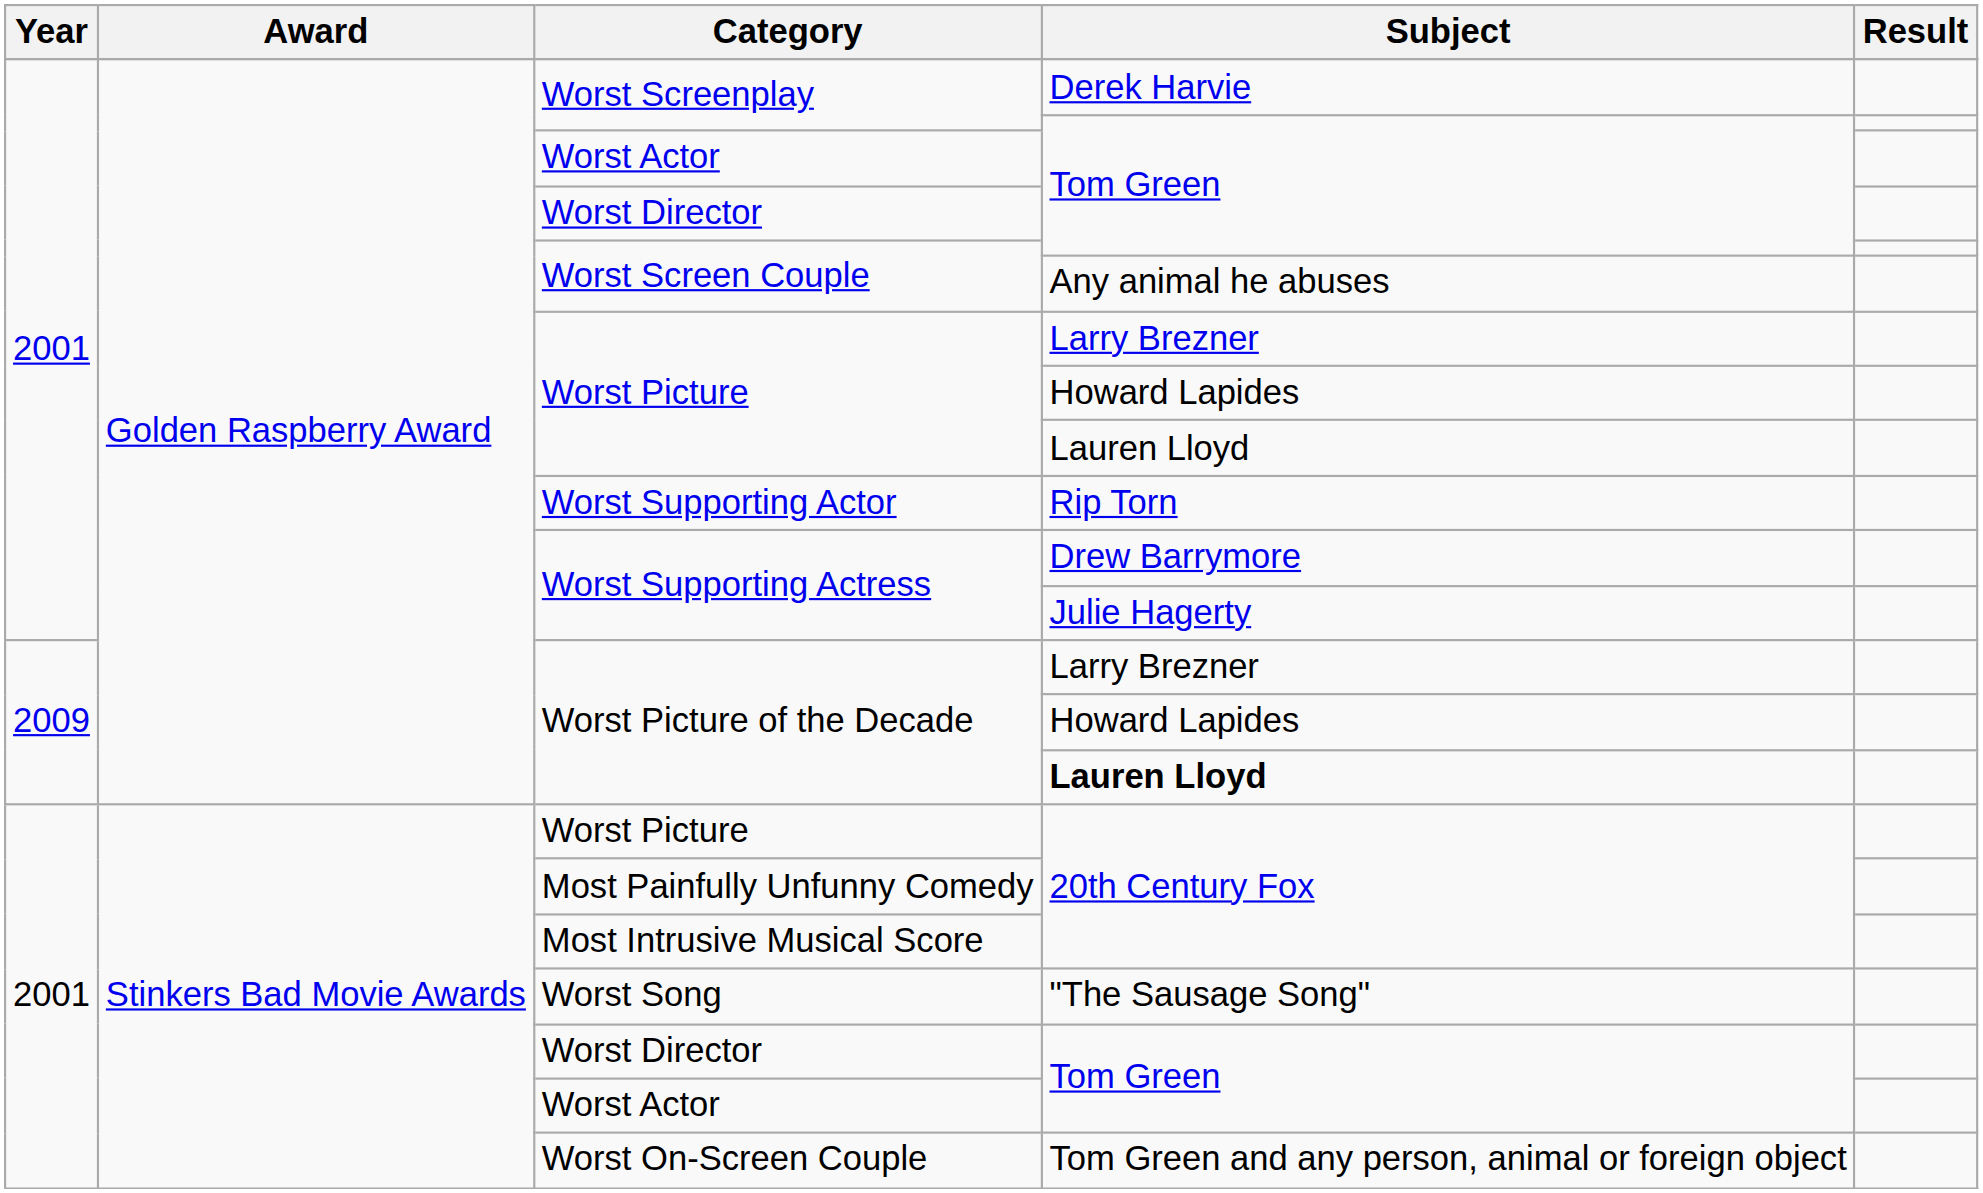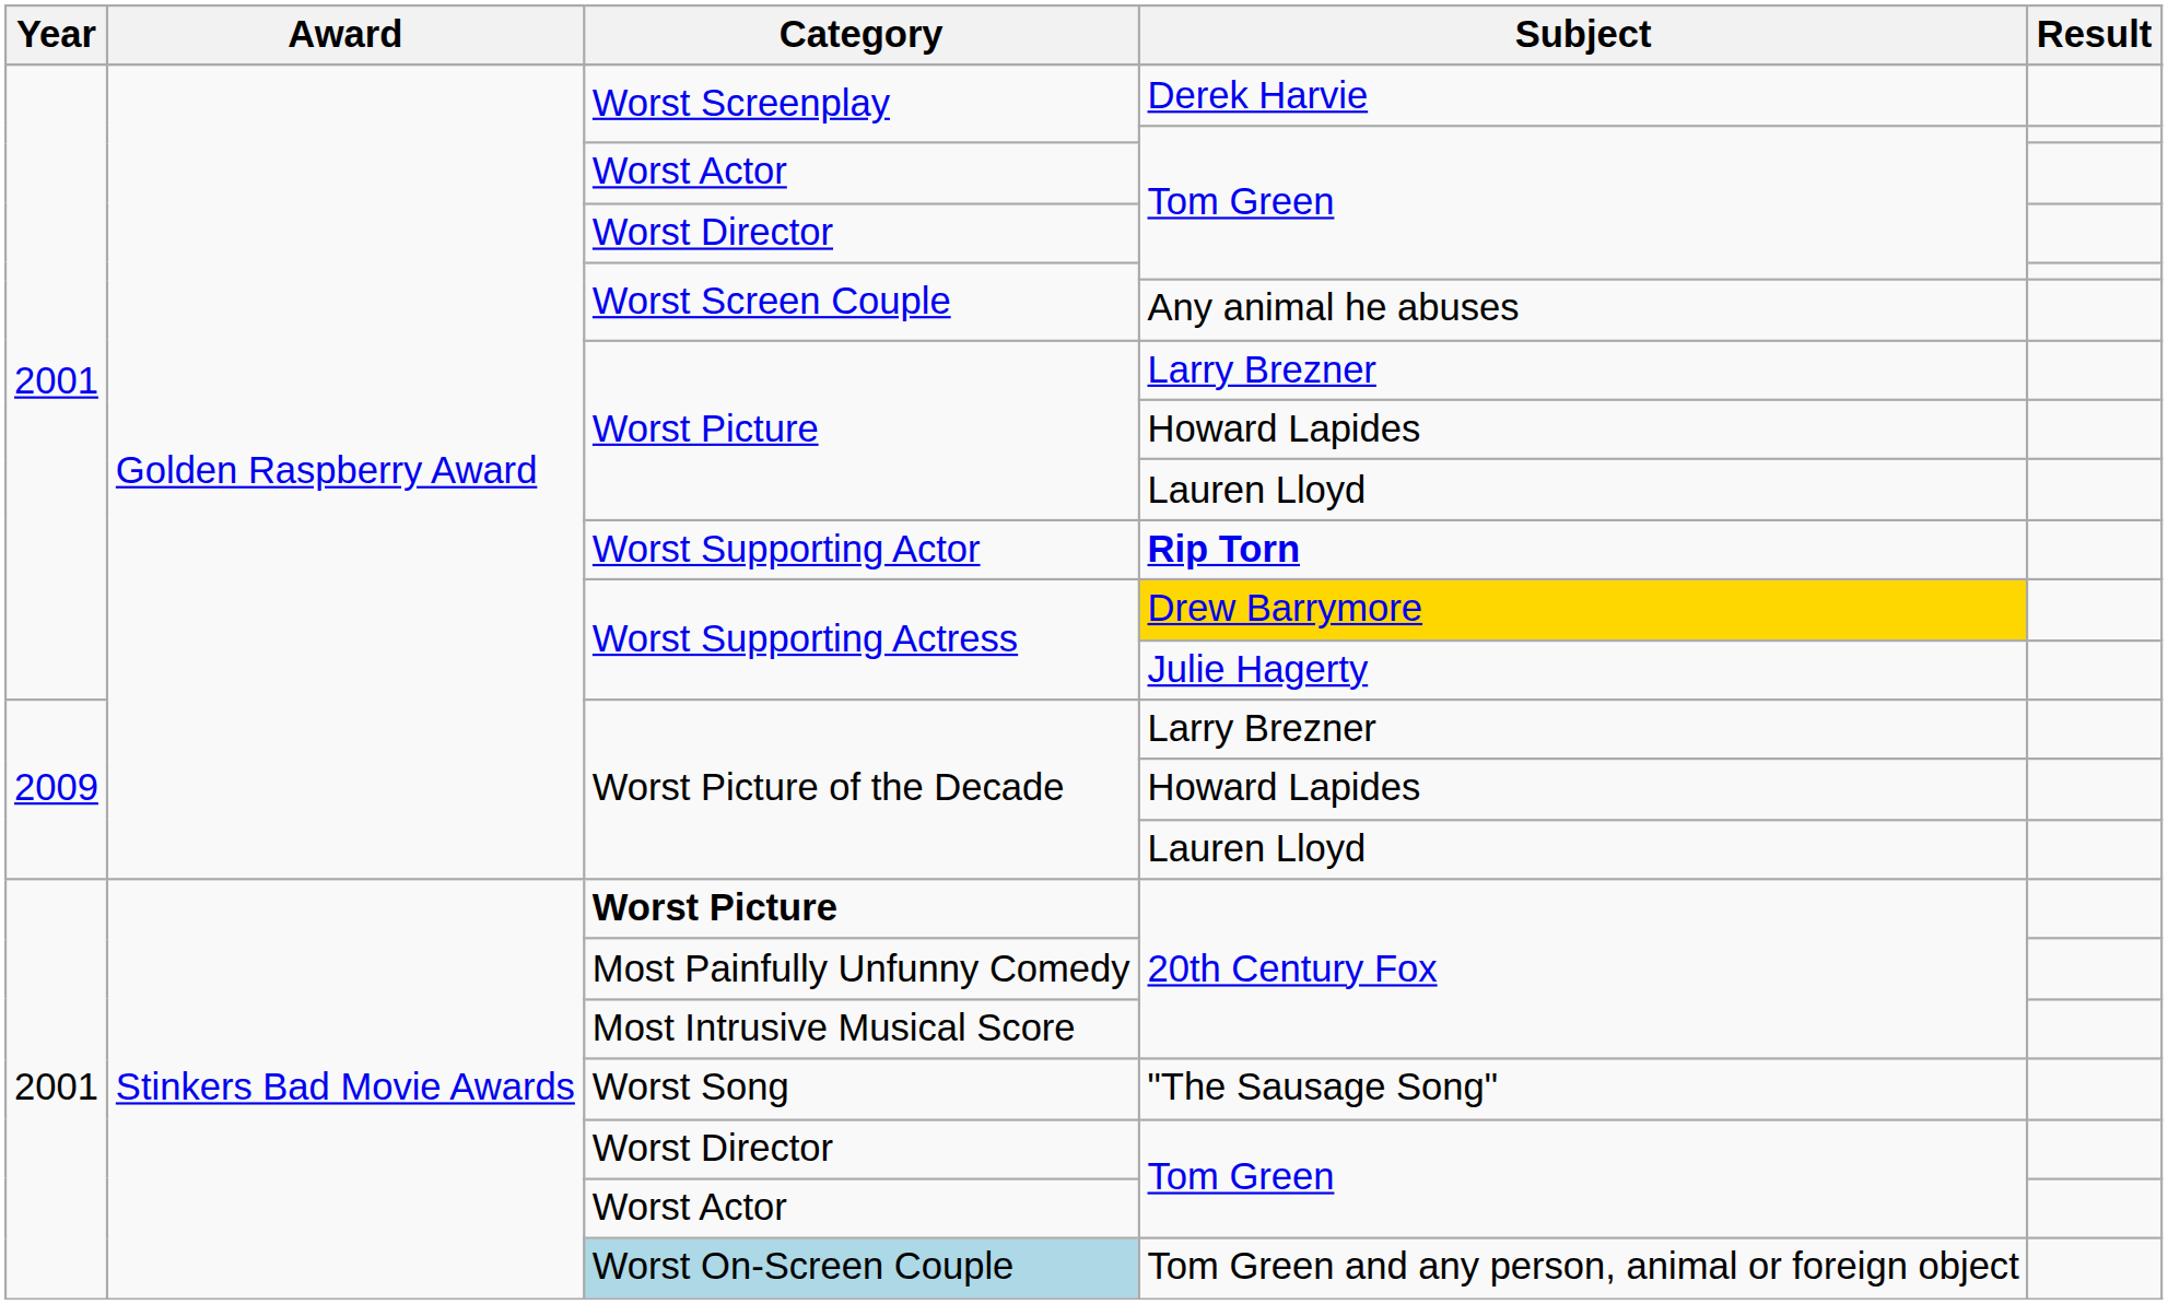 <table class="wikitable">
 <tr>
 <th>Year</th>
 <th>Award</th>
 <th>Category</th>
 <th>Subject</th>
 <th>Result</th>
 </tr>
 <tr>
 </tr>
 <tr>
 <td rowspan=12><a href='#'>2001</a></td>
 <td rowspan=15><a href='#'>Golden Raspberry Award</a></td>
 <td rowspan=2><a href='#'>Worst Screenplay</a></td>
 <td><a href='#'>Derek Harvie</a></td>
 <td></td>
 </tr>
 <tr>
 <td rowspan=4><a href='#'>Tom Green</a></td>
 <td></td>
 </tr>
 <tr>
 <td><a href='#'>Worst Actor</a></td>
 <td></td>
 </tr>
 <tr>
 <td><a href='#'>Worst Director</a></td>
 <td></td>
 </tr>
 <tr>
 <td rowspan=2><a href='#'>Worst Screen Couple</a></td>
 <td></td>
 </tr>
 <tr>
 <td>Any animal he abuses</td>
 <td></td>
 </tr>
 <tr>
 <td rowspan=3><a href='#'>Worst Picture</a></td>
 <td><a href='#'>Larry Brezner</a></td>
 <td></td>
 </tr>
 <tr>
 <td>Howard Lapides</td>
 <td></td>
 </tr>
 <tr>
 <td>Lauren Lloyd</td>
 <td></td>
 </tr>
 <tr>
 <td><a href='#'>Worst Supporting Actor</a></td>
-<td><a href='#'>Rip Torn</a></td>
+<td><strong><a href='#'>Rip Torn</a></strong></td>
 <td></td>
 </tr>
 <tr>
 <td rowspan=2><a href='#'>Worst Supporting Actress</a></td>
-<td><a href='#'>Drew Barrymore</a></td>
+<td style="background: gold;"><a href='#'>Drew Barrymore</a></td>
 <td></td>
 </tr>
 <tr>
 <td><a href='#'>Julie Hagerty</a></td>
 <td></td>
 </tr>
 <tr>
 <td rowspan=3><a href='#'>2009</a></td>
 <td rowspan=3>Worst Picture of the Decade</td>
 <td>Larry Brezner</td>
 <td></td>
 </tr>
 <tr>
 <td>Howard Lapides</td>
 <td></td>
 </tr>
 <tr>
-<td><strong>Lauren Lloyd</strong></td>
+<td>Lauren Lloyd</td>
 <td></td>
 </tr>
 <tr>
 <td rowspan=7>2001</td>
 <td rowspan=7><a href='#'>Stinkers Bad Movie Awards</a></td>
-<td>Worst Picture</td>
+<td><strong>Worst Picture</strong></td>
 <td rowspan=3><a href='#'>20th Century Fox</a></td>
 <td></td>
 </tr>
 <tr>
 <td>Most Painfully Unfunny Comedy</td>
 <td></td>
 </tr>
 <tr>
 <td>Most Intrusive Musical Score</td>
 <td></td>
 </tr>
 <tr>
 <td>Worst Song</td>
 <td>"The Sausage Song"</td>
 <td></td>
 </tr>
 <tr>
 <td>Worst Director</td>
 <td rowspan=2><a href='#'>Tom Green</a></td>
 <td></td>
 </tr>
 <tr>
 <td>Worst Actor</td>
 <td></td>
 </tr>
 <tr>
-<td>Worst On-Screen Couple</td>
+<td style="background: lightblue;">Worst On-Screen Couple</td>
 <td>Tom Green and any person, animal or foreign object</td>
 <td></td>
 </tr>
 <tr>
 </tr>
 </table>
